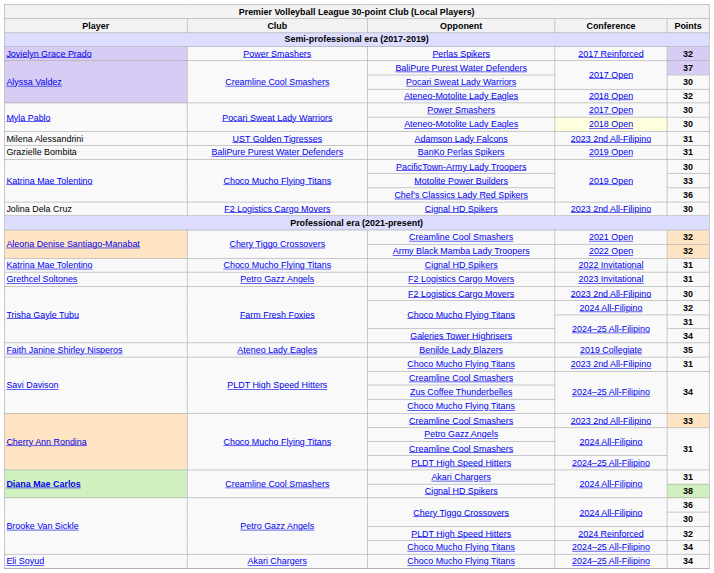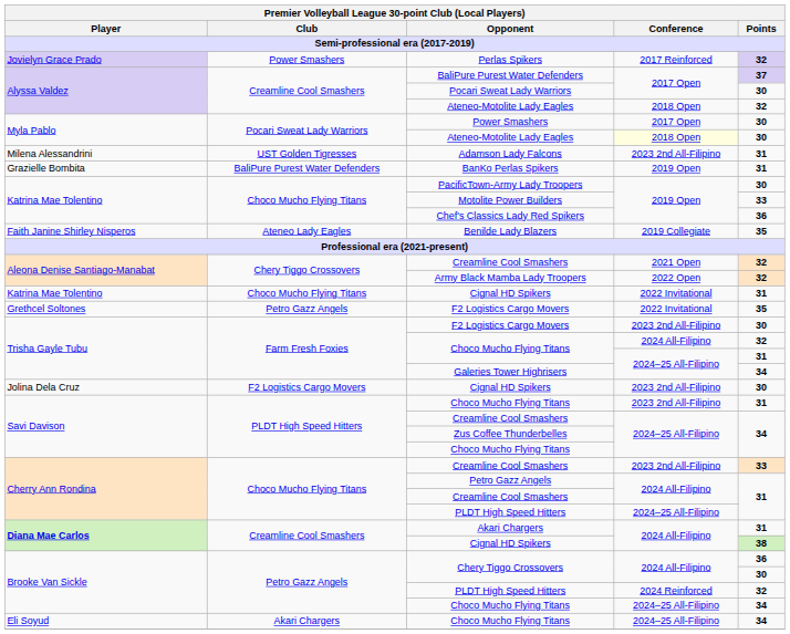 <table class="wikitable collapsible autocollapse" style="width:90%; font-size:90%; text-align:left">
 <tr>
 <th colspan="5">Premier Volleyball League 30-point Club (Local Players)</th>
 </tr>
 <tr>
 <th>Player</th>
 <th>Club</th>
 <th>Opponent</th>
 <th>Conference</th>
 <th>Points</th>
 </tr>
 <tr>
 <th colspan="5" style="background:#DDDDFF">Semi-professional era (2017-2019)</th>
 </tr>
 <tr>
 <td style="background-color:#d7ccf3;"><a href='#'>Jovielyn Grace Prado</a></td>
 <td align=center><a href='#'>Power Smashers</a></td>
 <td align=center><a href='#'>Perlas Spikers</a></td>
 <td align=center><a href='#'>2017 Reinforced</a></td>
 <td align=center style="background-color:#d7ccf3;"><strong>32</strong></td>
 </tr>
 <tr>
 <td rowspan=3 style="background-color:#d7ccf3;"><a href='#'>Alyssa Valdez</a></td>
 <td align=center rowspan=3><a href='#'>Creamline Cool Smashers</a></td>
 <td align=center><a href='#'>BaliPure Purest Water Defenders</a></td>
 <td align=center rowspan=2><a href='#'>2017 Open</a></td>
 <td align=center style="background-color:#d7ccf3;"><strong>37</strong></td>
 </tr>
 <tr>
 <td align=center><a href='#'>Pocari Sweat Lady Warriors</a></td>
 <td align=center><strong>30</strong></td>
 </tr>
 <tr>
 <td align=center><a href='#'>Ateneo-Motolite Lady Eagles</a></td>
 <td align=center><a href='#'>2018 Open</a></td>
 <td align=center><strong>32</strong></td>
 </tr>
 <tr>
 <td rowspan=2><a href='#'>Myla Pablo</a></td>
 <td align=center rowspan=2><a href='#'>Pocari Sweat Lady Warriors</a></td>
 <td align=center><a href='#'>Power Smashers</a></td>
 <td align=center><a href='#'>2017 Open</a></td>
 <td align=center><strong>30</strong></td>
 </tr>
 <tr>
 <td align=center><a href='#'>Ateneo-Motolite Lady Eagles</a></td>
 <td align=center style="background: lightyellow;"><a href='#'>2018 Open</a></td>
 <td align=center><strong>30</strong></td>
 </tr>
 <tr>
 <td>Milena Alessandrini</td>
 <td align=center><a href='#'>UST Golden Tigresses</a></td>
 <td align=center><a href='#'>Adamson Lady Falcons</a></td>
 <td align=center><a href='#'>2023 2nd All-Filipino</a></td>
 <td align=center><strong>31</strong></td>
 </tr>
 <tr>
 <td>Grazielle Bombita</td>
 <td align=center><a href='#'>BaliPure Purest Water Defenders</a></td>
 <td align=center><a href='#'>BanKo Perlas Spikers</a></td>
 <td align=center><a href='#'>2019 Open</a></td>
 <td align=center><strong>31</strong></td>
 </tr>
 <tr>
 <td rowspan=3><a href='#'>Katrina Mae Tolentino</a></td>
 <td align=center rowspan=3><a href='#'>Choco Mucho Flying Titans</a></td>
 <td align=center><a href='#'>PacificTown-Army Lady Troopers</a></td>
 <td align=center rowspan=3><a href='#'>2019 Open</a></td>
 <td align=center><strong>30</strong></td>
 </tr>
 <tr>
 <td align=center><a href='#'>Motolite Power Builders</a></td>
 <td align=center><strong>33</strong></td>
 </tr>
 <tr>
 <td align=center><a href='#'>Chef's Classics Lady Red Spikers</a></td>
 <td align=center><strong>36</strong></td>
 </tr>
 <tr>
-<td>Jolina Dela Cruz</td>
-<td align=center><a href='#'>F2 Logistics Cargo Movers</a></td>
-<td align=center><a href='#'>Cignal HD Spikers</a></td>
-<td align=center><a href='#'>2023 2nd All-Filipino</a></td>
-<td align=center><strong>30</strong></td>
+<td><a href='#'>Faith Janine Shirley Nisperos</a></td>
+<td align=center><a href='#'>Ateneo Lady Eagles</a></td>
+<td align=center><a href='#'>Benilde Lady Blazers</a></td>
+<td align=center><a href='#'>2019 Collegiate</a></td>
+<td align=center><strong>35</strong></td>
 </tr>
 <tr>
 <th colspan="5" style="background:#DDDDFF">Professional era (2021-present)</th>
 </tr>
 <tr>
 <td rowspan=2 style="background-color:#ffe4c4;"><a href='#'>Aleona Denise Santiago-Manabat</a></td>
 <td align=center rowspan=2><a href='#'>Chery Tiggo Crossovers</a></td>
 <td align=center><a href='#'>Creamline Cool Smashers</a></td>
 <td align=center><a href='#'>2021 Open</a></td>
 <td align=center style="background-color:#ffe4c4;"><strong>32</strong></td>
 </tr>
 <tr>
 <td align=center><a href='#'>Army Black Mamba Lady Troopers</a></td>
 <td align=center><a href='#'>2022 Open</a></td>
 <td align=center style="background-color:#ffe4c4;"><strong>32</strong></td>
 </tr>
 <tr>
 <td><a href='#'>Katrina Mae Tolentino</a></td>
 <td align=center><a href='#'>Choco Mucho Flying Titans</a></td>
 <td align=center><a href='#'>Cignal HD Spikers</a></td>
 <td align=center><a href='#'>2022 Invitational</a></td>
 <td align=center><strong>31</strong></td>
 </tr>
 <tr>
 <td><a href='#'>Grethcel Soltones</a></td>
 <td align=center><a href='#'>Petro Gazz Angels</a></td>
 <td align=center><a href='#'>F2 Logistics Cargo Movers</a></td>
-<td align=center><a href='#'>2023 Invitational</a></td>
-<td align=center><strong>31</strong></td>
+<td align=center><a href='#'>2022 Invitational</a></td>
+<td align=center><strong>35</strong></td>
 </tr>
 <tr>
 <td rowspan=4><a href='#'>Trisha Gayle Tubu</a></td>
 <td align=center rowspan=4><a href='#'>Farm Fresh Foxies</a></td>
 <td align=center><a href='#'>F2 Logistics Cargo Movers</a></td>
 <td align=center><a href='#'>2023 2nd All-Filipino</a></td>
 <td align=center><strong>30</strong></td>
 </tr>
 <tr>
 <td align=center rowspan=2><a href='#'>Choco Mucho Flying Titans</a></td>
 <td align=center><a href='#'>2024 All-Filipino</a></td>
 <td align=center><strong>32</strong></td>
 </tr>
 <tr>
 <td align=center rowspan=2><a href='#'>2024–25 All-Filipino</a></td>
 <td align=center><strong>31</strong></td>
 </tr>
 <tr>
 <td align=center><a href='#'>Galeries Tower Highrisers</a></td>
 <td align=center><strong>34</strong></td>
 </tr>
 <tr>
-<td><a href='#'>Faith Janine Shirley Nisperos</a></td>
-<td align=center><a href='#'>Ateneo Lady Eagles</a></td>
-<td align=center><a href='#'>Benilde Lady Blazers</a></td>
-<td align=center><a href='#'>2019 Collegiate</a></td>
-<td align=center><strong>35</strong></td>
+<td>Jolina Dela Cruz</td>
+<td align=center><a href='#'>F2 Logistics Cargo Movers</a></td>
+<td align=center><a href='#'>Cignal HD Spikers</a></td>
+<td align=center><a href='#'>2023 2nd All-Filipino</a></td>
+<td align=center><strong>30</strong></td>
 </tr>
 <tr>
 <td rowspan=4><a href='#'>Savi Davison</a></td>
 <td align=center rowspan=4><a href='#'>PLDT High Speed Hitters</a></td>
 <td align=center><a href='#'>Choco Mucho Flying Titans</a></td>
 <td align=center><a href='#'>2023 2nd All-Filipino</a></td>
 <td align=center><strong>31</strong></td>
 </tr>
 <tr>
 <td align=center><a href='#'>Creamline Cool Smashers</a></td>
 <td align=center rowspan=3><a href='#'>2024–25 All-Filipino</a></td>
 <td align=center rowspan=3><strong>34</strong></td>
 </tr>
 <tr>
 <td align=center><a href='#'>Zus Coffee Thunderbelles</a></td>
 </tr>
 <tr>
 <td align=center><a href='#'>Choco Mucho Flying Titans</a></td>
 </tr>
 <tr>
 <td rowspan=4 style="background-color:#ffe4c4;"><a href='#'>Cherry Ann Rondina</a></td>
 <td align=center rowspan=4><a href='#'>Choco Mucho Flying Titans</a></td>
 <td align=center><a href='#'>Creamline Cool Smashers</a></td>
 <td align=center><a href='#'>2023 2nd All-Filipino</a></td>
 <td align=center style="background-color:#ffe4c4;"><strong>33</strong></td>
 </tr>
 <tr>
 <td align=center><a href='#'>Petro Gazz Angels</a></td>
 <td align=center rowspan=2><a href='#'>2024 All-Filipino</a></td>
 <td align=center rowspan=3><strong>31</strong></td>
 </tr>
 <tr>
 <td align=center><a href='#'>Creamline Cool Smashers</a></td>
 </tr>
 <tr>
 <td align=center><a href='#'>PLDT High Speed Hitters</a></td>
 <td align=center><a href='#'>2024–25 All-Filipino</a></td>
 </tr>
 <tr>
 <td rowspan=2 style="background-color:#d0f0c0;"><strong><a href='#'>Diana Mae Carlos</a></strong></td>
 <td align=center rowspan=2><a href='#'>Creamline Cool Smashers</a></td>
 <td align=center><a href='#'>Akari Chargers</a></td>
 <td align=center rowspan=2><a href='#'>2024 All-Filipino</a></td>
 <td align=center><strong>31</strong></td>
 </tr>
 <tr>
 <td align=center><a href='#'>Cignal HD Spikers</a></td>
 <td align=center style="background-color:#d0f0c0;"><strong>38</strong></td>
 </tr>
 <tr>
 <td rowspan=4><a href='#'>Brooke Van Sickle</a></td>
 <td align=center rowspan=4><a href='#'>Petro Gazz Angels</a></td>
 <td align=center rowspan=2><a href='#'>Chery Tiggo Crossovers</a></td>
 <td align=center rowspan=2><a href='#'>2024 All-Filipino</a></td>
 <td align=center><strong>36</strong></td>
 </tr>
 <tr>
 <td align=center><strong>30</strong></td>
 </tr>
 <tr>
 <td align=center><a href='#'>PLDT High Speed Hitters</a></td>
 <td align=center><a href='#'>2024 Reinforced</a></td>
 <td align=center><strong>32</strong></td>
 </tr>
 <tr>
 <td align=center><a href='#'>Choco Mucho Flying Titans</a></td>
 <td align=center><a href='#'>2024–25 All-Filipino</a></td>
 <td align=center><strong>34</strong></td>
 </tr>
 <tr>
 <td><a href='#'>Eli Soyud</a></td>
 <td align=center><a href='#'>Akari Chargers</a></td>
 <td align=center><a href='#'>Choco Mucho Flying Titans</a></td>
 <td align=center><a href='#'>2024–25 All-Filipino</a></td>
 <td align=center><strong>34</strong></td>
 </tr>
 <tr>
 </tr>
 </table>
